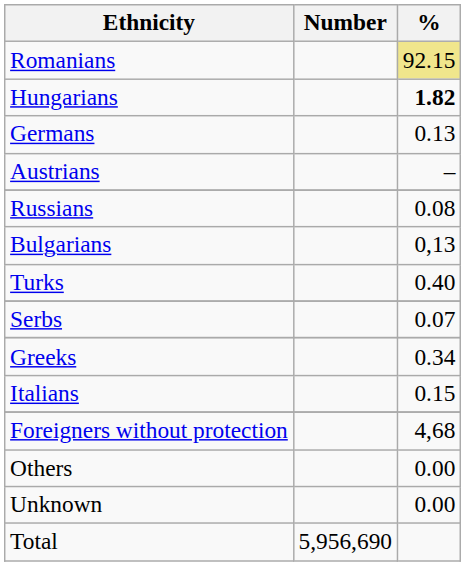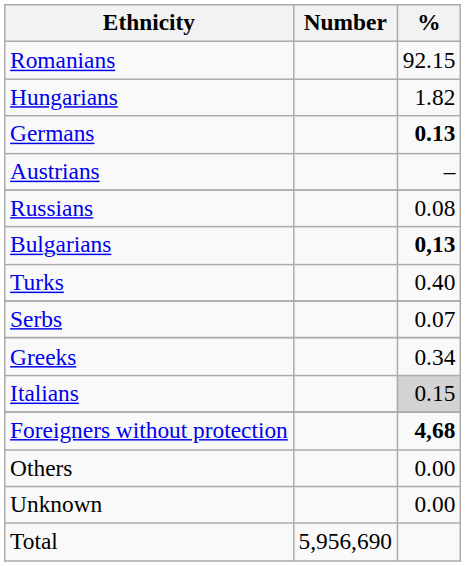 <table class="wikitable">
 <tr style="background:#e0e0e0;">
 <th>Ethnicity</th>
 <th>Number</th>
 <th>%</th>
 </tr>
 <tr>
 <td><a href='#'>Romanians</a></td>
 <td style="text-align:right;"></td>
-<td style="background: khaki; text-align:right;">92.15</td>
+<td style="text-align:right;">92.15</td>
 </tr>
 <tr>
 <td><a href='#'>Hungarians</a></td>
 <td style="text-align:right;"></td>
-<td style="text-align:right;"><strong>1.82</strong></td>
+<td style="text-align:right;">1.82</td>
 </tr>
 <tr>
 <td><a href='#'>Germans</a></td>
 <td style="text-align:right;"></td>
-<td style="text-align:right;">0.13</td>
+<td style="text-align:right;"><strong>0.13</strong></td>
 </tr>
 <tr>
 <td><a href='#'>Austrians</a></td>
 <td style="text-align:right;"></td>
 <td style="text-align:right;">–</td>
 </tr>
 <tr>
 </tr>
 <tr>
 <td><a href='#'>Russians</a></td>
 <td style="text-align:right;"></td>
 <td style="text-align:right;">0.08</td>
 </tr>
 <tr>
 <td><a href='#'>Bulgarians</a></td>
 <td style="text-align:right;"></td>
-<td style="text-align:right;">0,13</td>
+<td style="text-align:right;"><strong>0,13</strong></td>
 </tr>
 <tr>
 <td><a href='#'>Turks</a></td>
 <td style="text-align:right;"></td>
 <td style="text-align:right;">0.40</td>
 </tr>
 <tr>
 </tr>
 <tr>
 <td><a href='#'>Serbs</a></td>
 <td style="text-align:right;"></td>
 <td style="text-align:right;">0.07</td>
 </tr>
 <tr>
 </tr>
 <tr>
 <td><a href='#'>Greeks</a></td>
 <td style="text-align:right;"></td>
 <td style="text-align:right;">0.34</td>
 </tr>
 <tr>
 <td><a href='#'>Italians</a></td>
 <td style="text-align:right;"></td>
-<td style="text-align:right;">0.15</td>
+<td style="background: lightgrey; text-align:right;">0.15</td>
 </tr>
 <tr>
 </tr>
 <tr>
 <td><a href='#'>Foreigners without protection</a></td>
 <td style="text-align:right;"></td>
-<td style="text-align:right;">4,68</td>
+<td style="text-align:right;"><strong>4,68</strong></td>
 </tr>
 <tr>
 <td>Others</td>
 <td style="text-align:right;"></td>
 <td style="text-align:right;">0.00</td>
 </tr>
 <tr>
 <td>Unknown</td>
 <td style="text-align:right;"></td>
 <td style="text-align:right;">0.00</td>
 </tr>
 <tr>
 <td>Total</td>
 <td>5,956,690</td>
 <td></td>
 </tr>
 </table>
